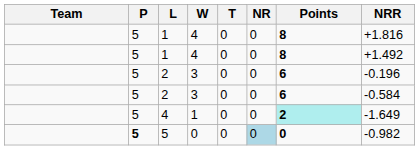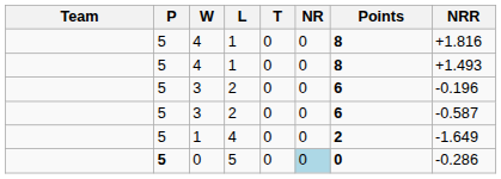 <table class="wikitable">
 <tr>
 <th width=150>Team</th>
 <th style="width:30px;" abbr="Played">P</th>
+<th style="width:30px;" abbr="Won">W</th>
 <th style="width:30px;" abbr="Lost">L</th>
-<th style="width:30px;" abbr="Won">W</th>
 <th style="width:30px;" abbr="Tied">T</th>
 <th style="width:30px;" abbr="No result">NR</th>
 <th style="width:100px;" abbr="Points">Points</th>
 <th style="width:60px;" abbr="Net run rate">NRR</th>
 </tr>
 <tr>
 <td style="text-align:left;"></td>
 <td>5</td>
+<td>4</td>
 <td>1</td>
-<td>4</td>
 <td>0</td>
 <td>0</td>
 <td><strong>8</strong></td>
 <td>+1.816</td>
 </tr>
 <tr>
 <td style="text-align:left;"></td>
 <td>5</td>
+<td>4</td>
 <td>1</td>
-<td>4</td>
 <td>0</td>
 <td>0</td>
 <td><strong>8</strong></td>
-<td>+1.492</td>
+<td>+1.493</td>
 </tr>
 <tr>
 <td style="text-align:left;"></td>
 <td>5</td>
+<td>3</td>
 <td>2</td>
-<td>3</td>
 <td>0</td>
 <td>0</td>
 <td><strong>6</strong></td>
 <td>-0.196</td>
 </tr>
 <tr>
 <td style="text-align:left;"></td>
 <td>5</td>
+<td>3</td>
 <td>2</td>
-<td>3</td>
 <td>0</td>
 <td>0</td>
 <td><strong>6</strong></td>
-<td>-0.584</td>
+<td>-0.587</td>
 </tr>
 <tr>
 <td style="text-align:left;"></td>
 <td>5</td>
+<td>1</td>
 <td>4</td>
-<td>1</td>
 <td>0</td>
 <td>0</td>
-<td style="background: paleturquoise;"><strong>2</strong></td>
+<td><strong>2</strong></td>
 <td>-1.649</td>
 </tr>
 <tr>
 <td style="text-align:left;"></td>
 <td><strong>5</strong></td>
+<td>0</td>
 <td>5</td>
-<td>0</td>
 <td>0</td>
 <td style="background: lightblue;">0</td>
 <td><strong>0</strong></td>
-<td>-0.982</td>
+<td>-0.286</td>
 </tr>
 </table>
